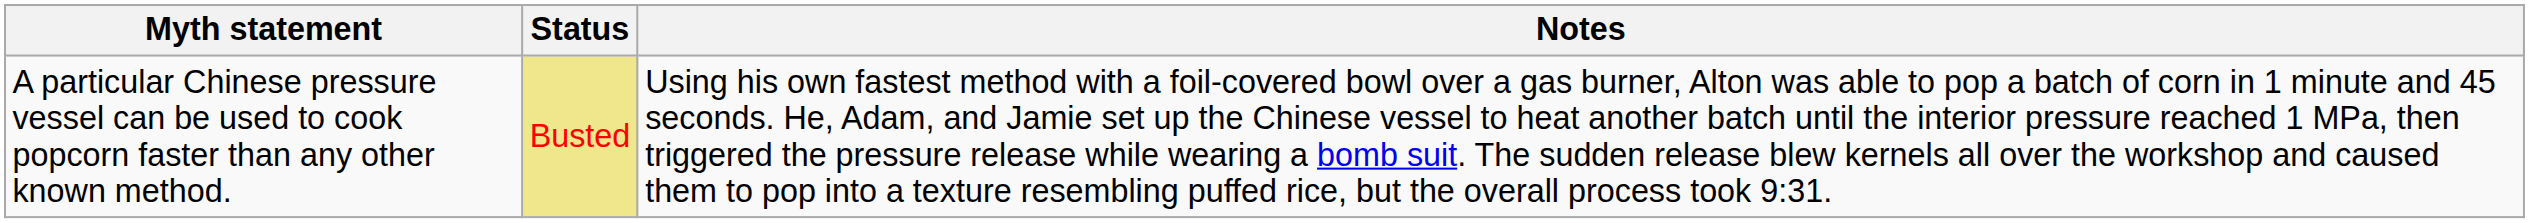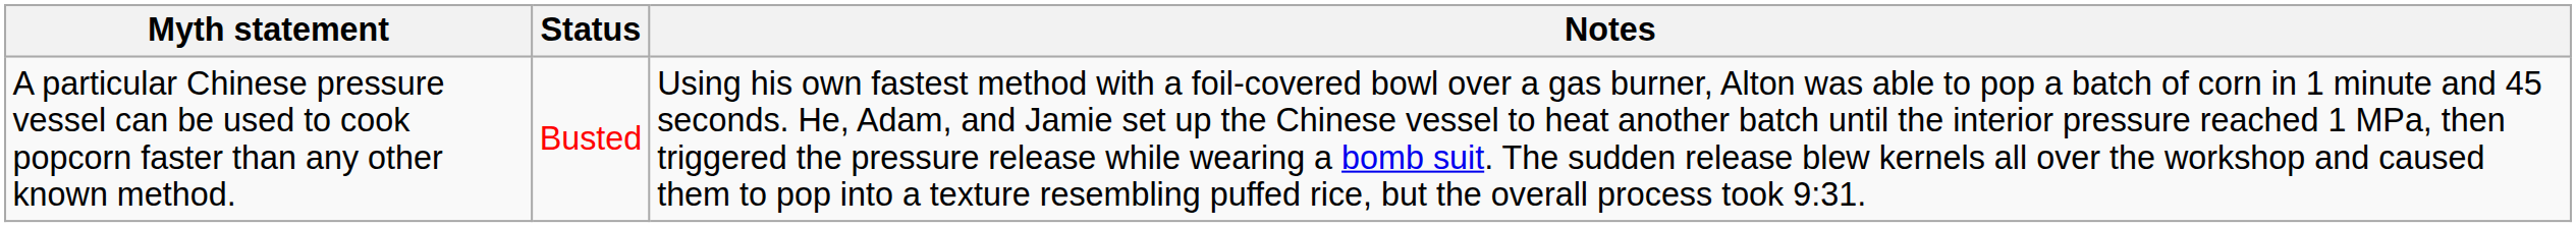 <table class="wikitable plainrowheaders">
 <tr>
 <th>Myth statement</th>
 <th>Status</th>
 <th>Notes</th>
 </tr>
 <tr>
 <td>A particular Chinese pressure vessel can be used to cook popcorn faster than any other known method.</td>
-<td style="background: khaki; color:red">Busted</td>
+<td style="color:red">Busted</td>
 <td>Using his own fastest method with a foil-covered bowl over a gas burner, Alton was able to pop a batch of corn in 1 minute and 45 seconds. He, Adam, and Jamie set up the Chinese vessel to heat another batch until the interior pressure reached 1 MPa, then triggered the pressure release while wearing a <a href='#'>bomb suit</a>. The sudden release blew kernels all over the workshop and caused them to pop into a texture resembling puffed rice, but the overall process took 9:31.</td>
 </tr>
 </table>
